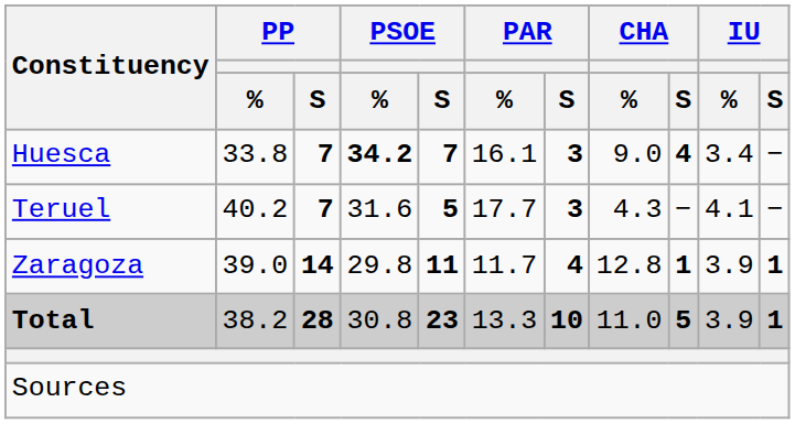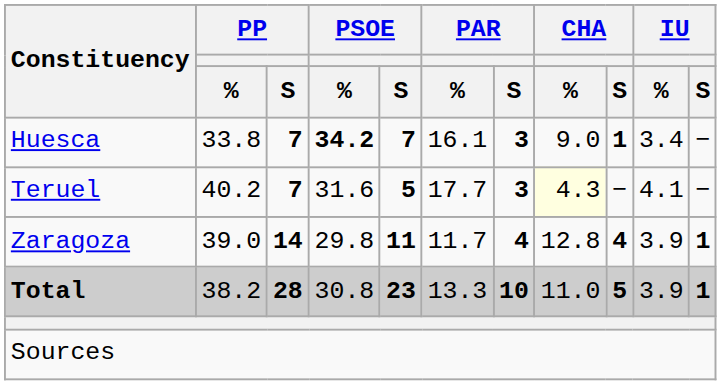 <table class="wikitable sortable" style="text-align:right; line-height:20px;">
 <tr>
 <th rowspan="3">Constituency</th>
 <th colspan="2" width="30px" class="unsortable"><a href='#'>PP</a></th>
 <th colspan="2" width="30px" class="unsortable"><a href='#'>PSOE</a></th>
 <th colspan="2" width="30px" class="unsortable"><a href='#'>PAR</a></th>
 <th colspan="2" width="30px" class="unsortable"><a href='#'>CHA</a></th>
 <th colspan="2" width="30px" class="unsortable"><a href='#'>IU</a></th>
 </tr>
 <tr>
 <th colspan="2" style="background:"></th>
 <th colspan="2" style="background:"></th>
 <th colspan="2" style="background:"></th>
 <th colspan="2" style="background:"></th>
 <th colspan="2" style="background:"></th>
 </tr>
 <tr>
 <th data-sort-type="number">%</th>
 <th data-sort-type="number">S</th>
 <th data-sort-type="number">%</th>
 <th data-sort-type="number">S</th>
 <th data-sort-type="number">%</th>
 <th data-sort-type="number">S</th>
 <th data-sort-type="number">%</th>
 <th data-sort-type="number">S</th>
 <th data-sort-type="number">%</th>
 <th data-sort-type="number">S</th>
 </tr>
 <tr>
 <td align="left"><a href='#'>Huesca</a></td>
 <td>33.8</td>
 <td><strong>7</strong></td>
 <td style="background:"><strong>34.2</strong></td>
 <td><strong>7</strong></td>
 <td>16.1</td>
 <td><strong>3</strong></td>
 <td>9.0</td>
-<td><strong>4</strong></td>
+<td><strong>1</strong></td>
 <td>3.4</td>
 <td>−</td>
 </tr>
 <tr>
 <td align="left"><a href='#'>Teruel</a></td>
 <td style="background:">40.2</td>
 <td><strong>7</strong></td>
 <td>31.6</td>
 <td><strong>5</strong></td>
 <td>17.7</td>
 <td><strong>3</strong></td>
-<td>4.3</td>
+<td style="background: lightyellow;">4.3</td>
 <td>−</td>
 <td>4.1</td>
 <td>−</td>
 </tr>
 <tr>
 <td align="left"><a href='#'>Zaragoza</a></td>
 <td style="background:">39.0</td>
 <td><strong>14</strong></td>
 <td>29.8</td>
 <td><strong>11</strong></td>
 <td>11.7</td>
 <td><strong>4</strong></td>
 <td>12.8</td>
-<td><strong>1</strong></td>
+<td><strong>4</strong></td>
 <td>3.9</td>
 <td><strong>1</strong></td>
 </tr>
 <tr style="background:#CDCDCD;">
 <td align="left"><strong>Total</strong></td>
 <td style="background:">38.2</td>
 <td><strong>28</strong></td>
 <td>30.8</td>
 <td><strong>23</strong></td>
 <td>13.3</td>
 <td><strong>10</strong></td>
 <td>11.0</td>
 <td><strong>5</strong></td>
 <td>3.9</td>
 <td><strong>1</strong></td>
 </tr>
 <tr>
 <th colspan="11"></th>
 </tr>
 <tr>
 <th style="text-align:left; font-weight:normal; background:#F9F9F9" colspan="11">Sources</th>
 </tr>
 </table>
